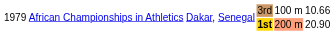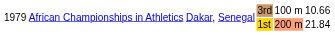 <table>
 <tr>
 <td rowspan=2>1979</td>
 <td rowspan=2><a href='#'>African Championships in Athletics</a></td>
 <td rowspan=2><a href='#'>Dakar</a>, <a href='#'>Senegal</a></td>
 <td bgcolor=cc9966>3rd</td>
 <td>100 m</td>
 <td>10.66</td>
 </tr>
 <tr>
-<td bgcolor=gold><strong>1st</strong></td>
+<td bgcolor=gold>1st</td>
 <td style="background: lightsalmon;">200 m</td>
-<td>20.90</td>
+<td>21.84</td>
 </tr>
 <tr>
 </tr>
 </table>
